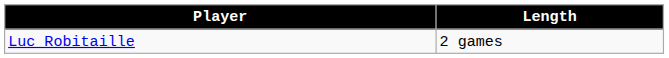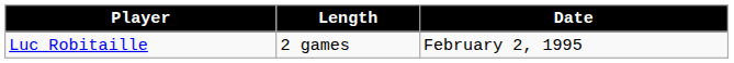 <table class="wikitable" width=45%;>
 <tr>
 <th style="color:white; background:#000000; ">Player</th>
 <th style="color:white; background:#000000; ">Length</th>
+<th style="color:white; background:#000000; ">Date</th>
 </tr>
 <tr>
 <td><a href='#'>Luc Robitaille</a></td>
 <td>2 games</td>
+<td>February 2, 1995</td>
 </tr>
 </table>
